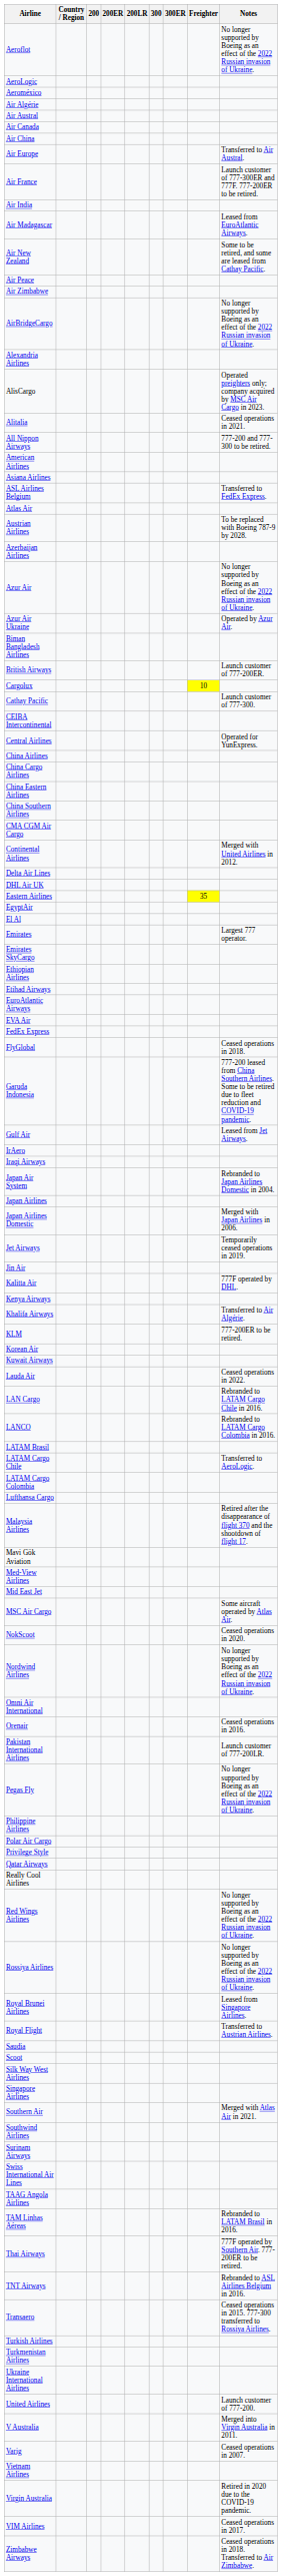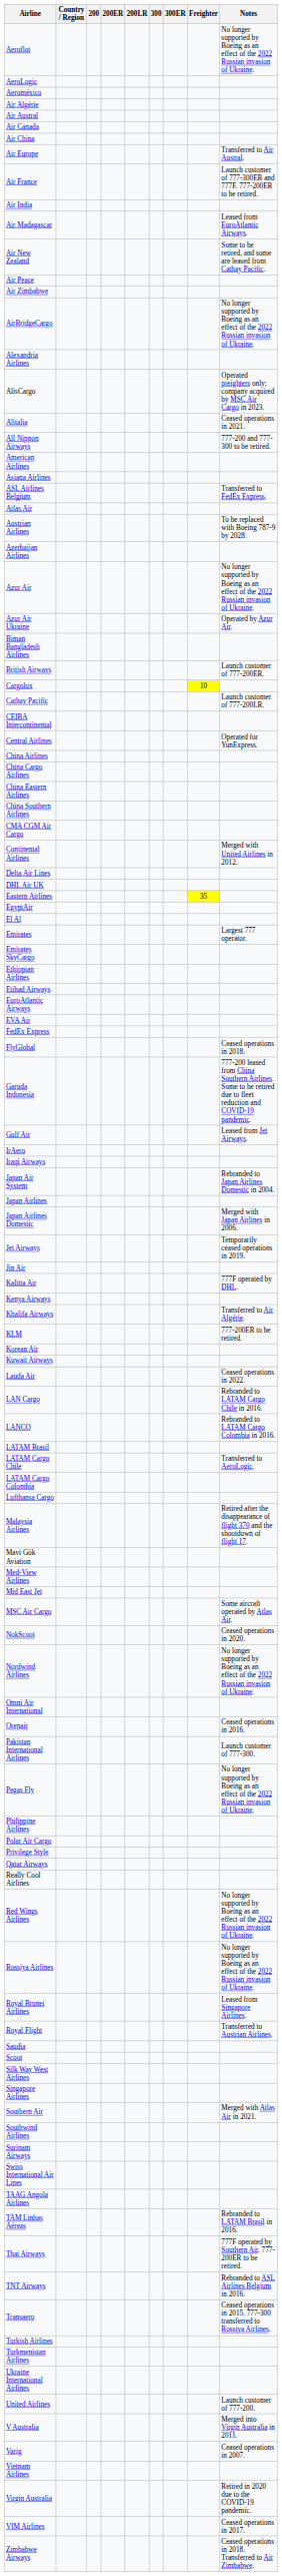 <table class="wikitable sortable sticky-header sort-under" style="background:#f8f9faff;">
 <tr>
 <th>Airline</th>
 <th>Country / Region</th>
 <th>200</th>
 <th>200ER</th>
 <th>200LR</th>
 <th>300</th>
 <th>300ER</th>
 <th>Freighter</th>
 <th>Notes</th>
 </tr>
 <tr>
 <td><a href='#'>Aeroflot</a></td>
 <td></td>
 <td></td>
 <td></td>
 <td></td>
 <td></td>
 <td></td>
 <td></td>
 <td>No longer supported by Boeing as an effect of the <a href='#'>2022 Russian invasion of Ukraine</a>.</td>
 </tr>
 <tr>
 <td><a href='#'>AeroLogic</a></td>
 <td></td>
 <td></td>
 <td></td>
 <td></td>
 <td></td>
 <td></td>
 <td></td>
 <td></td>
 </tr>
 <tr>
 <td><a href='#'>Aeroméxico</a></td>
 <td></td>
 <td></td>
 <td></td>
 <td></td>
 <td></td>
 <td></td>
 <td></td>
 <td></td>
 </tr>
 <tr>
 <td><a href='#'>Air Algérie</a></td>
 <td></td>
 <td></td>
 <td></td>
 <td></td>
 <td></td>
 <td></td>
 <td></td>
 <td></td>
 </tr>
 <tr>
 <td><a href='#'>Air Austral</a></td>
 <td></td>
 <td></td>
 <td></td>
 <td></td>
 <td></td>
 <td></td>
 <td></td>
 <td></td>
 </tr>
 <tr>
 <td><a href='#'>Air Canada</a></td>
 <td></td>
 <td></td>
 <td></td>
 <td></td>
 <td></td>
 <td></td>
 <td></td>
 <td></td>
 </tr>
 <tr>
 <td><a href='#'>Air China</a></td>
 <td></td>
 <td></td>
 <td></td>
 <td></td>
 <td></td>
 <td></td>
 <td></td>
 <td></td>
 </tr>
 <tr>
 <td><a href='#'>Air Europe</a></td>
 <td></td>
 <td></td>
 <td></td>
 <td></td>
 <td></td>
 <td></td>
 <td></td>
 <td>Transferred to <a href='#'>Air Austral</a>.</td>
 </tr>
 <tr>
 <td><a href='#'>Air France</a></td>
 <td></td>
 <td></td>
 <td></td>
 <td></td>
 <td></td>
 <td></td>
 <td></td>
 <td>Launch customer of 777-300ER and 777F. 777-200ER to be retired.</td>
 </tr>
 <tr>
 <td><a href='#'>Air India</a></td>
 <td></td>
 <td></td>
 <td></td>
 <td></td>
 <td></td>
 <td></td>
 <td></td>
 <td></td>
 </tr>
 <tr>
 <td><a href='#'>Air Madagascar</a></td>
 <td></td>
 <td></td>
 <td></td>
 <td></td>
 <td></td>
 <td></td>
 <td></td>
 <td>Leased from <a href='#'>EuroAtlantic Airways</a>.</td>
 </tr>
 <tr>
 <td><a href='#'>Air New Zealand</a></td>
 <td></td>
 <td></td>
 <td></td>
 <td></td>
 <td></td>
 <td></td>
 <td></td>
 <td>Some to be retired, and some are leased from <a href='#'>Cathay Pacific</a>.</td>
 </tr>
 <tr>
 <td><a href='#'>Air Peace</a></td>
 <td></td>
 <td></td>
 <td></td>
 <td></td>
 <td></td>
 <td></td>
 <td></td>
 <td></td>
 </tr>
 <tr>
 <td><a href='#'>Air Zimbabwe</a></td>
 <td></td>
 <td></td>
 <td></td>
 <td></td>
 <td></td>
 <td></td>
 <td></td>
 <td></td>
 </tr>
 <tr>
 <td><a href='#'>AirBridgeCargo</a></td>
 <td></td>
 <td></td>
 <td></td>
 <td></td>
 <td></td>
 <td></td>
 <td></td>
 <td>No longer supported by Boeing as an effect of the <a href='#'>2022 Russian invasion of Ukraine</a>.</td>
 </tr>
 <tr>
 <td><a href='#'>Alexandria Airlines</a></td>
 <td></td>
 <td></td>
 <td></td>
 <td></td>
 <td></td>
 <td></td>
 <td></td>
 <td></td>
 </tr>
 <tr>
 <td>AlisCargo</td>
 <td></td>
 <td></td>
 <td></td>
 <td></td>
 <td></td>
 <td></td>
 <td></td>
 <td>Operated <a href='#'>preighters</a> only; company acquired by <a href='#'>MSC Air Cargo</a> in 2023.</td>
 </tr>
 <tr>
 <td><a href='#'>Alitalia</a></td>
 <td></td>
 <td></td>
 <td></td>
 <td></td>
 <td></td>
 <td></td>
 <td></td>
 <td>Ceased operations in 2021.</td>
 </tr>
 <tr>
 <td><a href='#'>All Nippon Airways</a></td>
 <td></td>
 <td></td>
 <td></td>
 <td></td>
 <td></td>
 <td></td>
 <td></td>
 <td>777-200 and 777-300 to be retired.</td>
 </tr>
 <tr>
 <td><a href='#'>American Airlines</a></td>
 <td></td>
 <td></td>
 <td></td>
 <td></td>
 <td></td>
 <td></td>
 <td></td>
 <td></td>
 </tr>
 <tr>
 <td><a href='#'>Asiana Airlines</a></td>
 <td></td>
 <td></td>
 <td></td>
 <td></td>
 <td></td>
 <td></td>
 <td></td>
 <td></td>
 </tr>
 <tr>
 <td><a href='#'>ASL Airlines Belgium</a></td>
 <td></td>
 <td></td>
 <td></td>
 <td></td>
 <td></td>
 <td></td>
 <td></td>
 <td>Transferred to <a href='#'>FedEx Express</a>.</td>
 </tr>
 <tr>
 <td><a href='#'>Atlas Air</a></td>
 <td></td>
 <td></td>
 <td></td>
 <td></td>
 <td></td>
 <td></td>
 <td></td>
 <td></td>
 </tr>
 <tr>
 <td><a href='#'>Austrian Airlines</a></td>
 <td></td>
 <td></td>
 <td></td>
 <td></td>
 <td></td>
 <td></td>
 <td></td>
 <td>To be replaced with Boeing 787-9 by 2028.</td>
 </tr>
 <tr>
 <td><a href='#'>Azerbaijan Airlines</a></td>
 <td></td>
 <td></td>
 <td></td>
 <td></td>
 <td></td>
 <td></td>
 <td></td>
 <td></td>
 </tr>
 <tr>
 <td><a href='#'>Azur Air</a></td>
 <td></td>
 <td></td>
 <td></td>
 <td></td>
 <td></td>
 <td></td>
 <td></td>
 <td>No longer supported by Boeing as an effect of the <a href='#'>2022 Russian invasion of Ukraine</a>.</td>
 </tr>
 <tr>
 <td><a href='#'>Azur Air Ukraine</a></td>
 <td></td>
 <td></td>
 <td></td>
 <td></td>
 <td></td>
 <td></td>
 <td></td>
 <td>Operated by <a href='#'>Azur Air</a>.</td>
 </tr>
 <tr>
 <td><a href='#'>Biman Bangladesh Airlines</a></td>
 <td></td>
 <td></td>
 <td></td>
 <td></td>
 <td></td>
 <td></td>
 <td></td>
 <td></td>
 </tr>
 <tr>
 <td><a href='#'>British Airways</a></td>
 <td></td>
 <td></td>
 <td></td>
 <td></td>
 <td></td>
 <td></td>
 <td></td>
 <td>Launch customer of 777-200ER.</td>
 </tr>
 <tr>
 <td><a href='#'>Cargolux</a></td>
 <td></td>
 <td></td>
 <td></td>
 <td></td>
 <td></td>
 <td></td>
 <td style="background:yellow; text-align:center;">10</td>
 <td></td>
 </tr>
 <tr>
 <td><a href='#'>Cathay Pacific</a></td>
 <td></td>
 <td></td>
 <td></td>
 <td></td>
 <td></td>
 <td></td>
 <td></td>
-<td>Launch customer of 777-300.</td>
+<td>Launch customer of 777-200LR.</td>
 </tr>
 <tr>
 <td><a href='#'>CEIBA Intercontinental</a></td>
 <td></td>
 <td></td>
 <td></td>
 <td></td>
 <td></td>
 <td></td>
 <td></td>
 <td></td>
 </tr>
 <tr>
 <td><a href='#'>Central Airlines</a></td>
 <td></td>
 <td></td>
 <td></td>
 <td></td>
 <td></td>
 <td></td>
 <td></td>
 <td>Operated for YunExpress.</td>
 </tr>
 <tr>
 <td><a href='#'>China Airlines</a></td>
 <td></td>
 <td></td>
 <td></td>
 <td></td>
 <td></td>
 <td></td>
 <td></td>
 <td></td>
 </tr>
 <tr>
 <td><a href='#'>China Cargo Airlines</a></td>
 <td></td>
 <td></td>
 <td></td>
 <td></td>
 <td></td>
 <td></td>
 <td></td>
 <td></td>
 </tr>
 <tr>
 <td><a href='#'>China Eastern Airlines</a></td>
 <td></td>
 <td></td>
 <td></td>
 <td></td>
 <td></td>
 <td></td>
 <td></td>
 <td></td>
 </tr>
 <tr>
 <td><a href='#'>China Southern Airlines</a></td>
 <td></td>
 <td></td>
 <td></td>
 <td></td>
 <td></td>
 <td></td>
 <td></td>
 <td></td>
 </tr>
 <tr>
 <td><a href='#'>CMA CGM Air Cargo</a></td>
 <td></td>
 <td></td>
 <td></td>
 <td></td>
 <td></td>
 <td></td>
 <td></td>
 <td></td>
 </tr>
 <tr>
 <td><a href='#'>Continental Airlines</a></td>
 <td></td>
 <td></td>
 <td></td>
 <td></td>
 <td></td>
 <td></td>
 <td></td>
 <td>Merged with <a href='#'>United Airlines</a> in 2012.</td>
 </tr>
 <tr>
 <td><a href='#'>Delta Air Lines</a></td>
 <td></td>
 <td></td>
 <td></td>
 <td></td>
 <td></td>
 <td></td>
 <td></td>
 <td></td>
 </tr>
 <tr>
 <td><a href='#'>DHL Air UK</a></td>
 <td></td>
 <td></td>
 <td></td>
 <td></td>
 <td></td>
 <td></td>
 <td></td>
 <td></td>
 </tr>
 <tr>
 <td><a href='#'>Eastern Airlines</a></td>
 <td></td>
 <td></td>
 <td></td>
 <td></td>
 <td></td>
 <td></td>
 <td style="background:yellow; text-align:center;">35</td>
 <td></td>
 </tr>
 <tr>
 <td><a href='#'>EgyptAir</a></td>
 <td></td>
 <td></td>
 <td></td>
 <td></td>
 <td></td>
 <td></td>
 <td></td>
 <td></td>
 </tr>
 <tr>
 <td><a href='#'>El Al</a></td>
 <td></td>
 <td></td>
 <td></td>
 <td></td>
 <td></td>
 <td></td>
 <td></td>
 <td></td>
 </tr>
 <tr>
 <td><a href='#'>Emirates</a></td>
 <td></td>
 <td></td>
 <td></td>
 <td></td>
 <td></td>
 <td></td>
 <td></td>
 <td>Largest 777 operator.</td>
 </tr>
 <tr>
 <td><a href='#'>Emirates SkyCargo</a></td>
 <td></td>
 <td></td>
 <td></td>
 <td></td>
 <td></td>
 <td></td>
 <td></td>
 <td></td>
 </tr>
 <tr>
 <td><a href='#'>Ethiopian Airlines</a></td>
 <td></td>
 <td></td>
 <td></td>
 <td></td>
 <td></td>
 <td></td>
 <td></td>
 <td></td>
 </tr>
 <tr>
 <td><a href='#'>Etihad Airways</a></td>
 <td></td>
 <td></td>
 <td></td>
 <td></td>
 <td></td>
 <td></td>
 <td></td>
 <td></td>
 </tr>
 <tr>
 <td><a href='#'>EuroAtlantic Airways</a></td>
 <td></td>
 <td></td>
 <td></td>
 <td></td>
 <td></td>
 <td></td>
 <td></td>
 <td></td>
 </tr>
 <tr>
 <td><a href='#'>EVA Air</a></td>
 <td></td>
 <td></td>
 <td></td>
 <td></td>
 <td></td>
 <td></td>
 <td></td>
 <td></td>
 </tr>
 <tr>
 <td><a href='#'>FedEx Express</a></td>
 <td></td>
 <td></td>
 <td></td>
 <td></td>
 <td></td>
 <td></td>
 <td></td>
 <td></td>
 </tr>
 <tr>
 <td><a href='#'>FlyGlobal</a></td>
 <td></td>
 <td></td>
 <td></td>
 <td></td>
 <td></td>
 <td></td>
 <td></td>
 <td>Ceased operations in 2018.</td>
 </tr>
 <tr>
 <td><a href='#'>Garuda Indonesia</a></td>
 <td></td>
 <td></td>
 <td></td>
 <td></td>
 <td></td>
 <td></td>
 <td></td>
 <td>777-200 leased from <a href='#'>China Southern Airlines</a>. Some to be retired due to fleet reduction and <a href='#'>COVID-19 pandemic</a>.</td>
 </tr>
 <tr>
 <td><a href='#'>Gulf Air</a></td>
 <td></td>
 <td></td>
 <td></td>
 <td></td>
 <td></td>
 <td></td>
 <td></td>
 <td>Leased from <a href='#'>Jet Airways</a>.</td>
 </tr>
 <tr>
 <td><a href='#'>IrAero</a></td>
 <td></td>
 <td></td>
 <td></td>
 <td></td>
 <td></td>
 <td></td>
 <td></td>
 <td></td>
 </tr>
 <tr>
 <td><a href='#'>Iraqi Airways</a></td>
 <td></td>
 <td></td>
 <td></td>
 <td></td>
 <td></td>
 <td></td>
 <td></td>
 <td></td>
 </tr>
 <tr>
 <td><a href='#'>Japan Air System</a></td>
 <td></td>
 <td></td>
 <td></td>
 <td></td>
 <td></td>
 <td></td>
 <td></td>
 <td>Rebranded to <a href='#'>Japan Airlines Domestic</a> in 2004.</td>
 </tr>
 <tr>
 <td><a href='#'>Japan Airlines</a></td>
 <td></td>
 <td></td>
 <td></td>
 <td></td>
 <td></td>
 <td></td>
 <td></td>
 <td></td>
 </tr>
 <tr>
 <td><a href='#'>Japan Airlines Domestic</a></td>
 <td></td>
 <td></td>
 <td></td>
 <td></td>
 <td></td>
 <td></td>
 <td></td>
 <td>Merged with <a href='#'>Japan Airlines</a> in 2006.</td>
 </tr>
 <tr>
 <td><a href='#'>Jet Airways</a></td>
 <td></td>
 <td></td>
 <td></td>
 <td></td>
 <td></td>
 <td></td>
 <td></td>
 <td>Temporarily ceased operations in 2019.</td>
 </tr>
 <tr>
 <td><a href='#'>Jin Air</a></td>
 <td></td>
 <td></td>
 <td></td>
 <td></td>
 <td></td>
 <td></td>
 <td></td>
 <td></td>
 </tr>
 <tr>
 <td><a href='#'>Kalitta Air</a></td>
 <td></td>
 <td></td>
 <td></td>
 <td></td>
 <td></td>
 <td></td>
 <td></td>
 <td>777F operated by <a href='#'>DHL</a>.</td>
 </tr>
 <tr>
 <td><a href='#'>Kenya Airways</a></td>
 <td></td>
 <td></td>
 <td></td>
 <td></td>
 <td></td>
 <td></td>
 <td></td>
 <td></td>
 </tr>
 <tr>
 <td><a href='#'>Khalifa Airways</a></td>
 <td></td>
 <td></td>
 <td></td>
 <td></td>
 <td></td>
 <td></td>
 <td></td>
 <td>Transferred to <a href='#'>Air Algérie</a>.</td>
 </tr>
 <tr>
 <td><a href='#'>KLM</a></td>
 <td></td>
 <td></td>
 <td></td>
 <td></td>
 <td></td>
 <td></td>
 <td></td>
 <td>777-200ER to be retired.</td>
 </tr>
 <tr>
 <td><a href='#'>Korean Air</a></td>
 <td></td>
 <td></td>
 <td></td>
 <td></td>
 <td></td>
 <td></td>
 <td></td>
 <td></td>
 </tr>
 <tr>
 <td><a href='#'>Kuwait Airways</a></td>
 <td></td>
 <td></td>
 <td></td>
 <td></td>
 <td></td>
 <td></td>
 <td></td>
 <td></td>
 </tr>
 <tr>
 <td><a href='#'>Lauda Air</a></td>
 <td></td>
 <td></td>
 <td></td>
 <td></td>
 <td></td>
 <td></td>
 <td></td>
 <td>Ceased operations in 2022.</td>
 </tr>
 <tr>
 <td><a href='#'>LAN Cargo</a></td>
 <td></td>
 <td></td>
 <td></td>
 <td></td>
 <td></td>
 <td></td>
 <td></td>
 <td>Rebranded to <a href='#'>LATAM Cargo Chile</a> in 2016.</td>
 </tr>
 <tr>
 <td><a href='#'>LANCO</a></td>
 <td></td>
 <td></td>
 <td></td>
 <td></td>
 <td></td>
 <td></td>
 <td></td>
 <td>Rebranded to <a href='#'>LATAM Cargo Colombia</a> in 2016.</td>
 </tr>
 <tr>
 <td><a href='#'>LATAM Brasil</a></td>
 <td></td>
 <td></td>
 <td></td>
 <td></td>
 <td></td>
 <td></td>
 <td></td>
 <td></td>
 </tr>
 <tr>
 <td><a href='#'>LATAM Cargo Chile</a></td>
 <td></td>
 <td></td>
 <td></td>
 <td></td>
 <td></td>
 <td></td>
 <td></td>
 <td>Transferred to <a href='#'>AeroLogic</a>.</td>
 </tr>
 <tr>
 <td><a href='#'>LATAM Cargo Colombia</a></td>
 <td></td>
 <td></td>
 <td></td>
 <td></td>
 <td></td>
 <td></td>
 <td></td>
 <td></td>
 </tr>
 <tr>
 <td><a href='#'>Lufthansa Cargo</a></td>
 <td></td>
 <td></td>
 <td></td>
 <td></td>
 <td></td>
 <td></td>
 <td></td>
 <td></td>
 </tr>
 <tr>
 <td><a href='#'>Malaysia Airlines</a></td>
 <td></td>
 <td></td>
 <td></td>
 <td></td>
 <td></td>
 <td></td>
 <td></td>
 <td>Retired after the disappearance of <a href='#'>flight 370</a> and the shootdown of <a href='#'>flight 17</a>.</td>
 </tr>
 <tr>
 <td>Mavi Gök Aviation</td>
 <td></td>
 <td></td>
 <td></td>
 <td></td>
 <td></td>
 <td></td>
 <td></td>
 <td></td>
 </tr>
 <tr>
 <td><a href='#'>Med-View Airlines</a></td>
 <td></td>
 <td></td>
 <td></td>
 <td></td>
 <td></td>
 <td></td>
 <td></td>
 <td></td>
 </tr>
 <tr>
 <td><a href='#'>Mid East Jet</a></td>
 <td></td>
 <td></td>
 <td></td>
 <td></td>
 <td></td>
 <td></td>
 <td></td>
 <td></td>
 </tr>
 <tr>
 <td><a href='#'>MSC Air Cargo</a></td>
 <td></td>
 <td></td>
 <td></td>
 <td></td>
 <td></td>
 <td></td>
 <td></td>
 <td>Some aircraft operated by <a href='#'>Atlas Air</a>.</td>
 </tr>
 <tr>
 <td><a href='#'>NokScoot</a></td>
 <td></td>
 <td></td>
 <td></td>
 <td></td>
 <td></td>
 <td></td>
 <td></td>
 <td>Ceased operations in 2020.</td>
 </tr>
 <tr>
 <td><a href='#'>Nordwind Airlines</a></td>
 <td></td>
 <td></td>
 <td></td>
 <td></td>
 <td></td>
 <td></td>
 <td></td>
 <td>No longer supported by Boeing as an effect of the <a href='#'>2022 Russian invasion of Ukraine</a>.</td>
 </tr>
 <tr>
 <td><a href='#'>Omni Air International</a></td>
 <td></td>
 <td></td>
 <td></td>
 <td></td>
 <td></td>
 <td></td>
 <td></td>
 <td></td>
 </tr>
 <tr>
 <td><a href='#'>Orenair</a></td>
 <td></td>
 <td></td>
 <td></td>
 <td></td>
 <td></td>
 <td></td>
 <td></td>
 <td>Ceased operations in 2016.</td>
 </tr>
 <tr>
 <td><a href='#'>Pakistan International Airlines</a></td>
 <td></td>
 <td></td>
 <td></td>
 <td></td>
 <td></td>
 <td></td>
 <td></td>
-<td>Launch customer of 777-200LR.</td>
+<td>Launch customer of 777-300.</td>
 </tr>
 <tr>
 <td><a href='#'>Pegas Fly</a></td>
 <td></td>
 <td></td>
 <td></td>
 <td></td>
 <td></td>
 <td></td>
 <td></td>
 <td>No longer supported by Boeing as an effect of the <a href='#'>2022 Russian invasion of Ukraine</a>.</td>
 </tr>
 <tr>
 <td><a href='#'>Philippine Airlines</a></td>
 <td></td>
 <td></td>
 <td></td>
 <td></td>
 <td></td>
 <td></td>
 <td></td>
 <td></td>
 </tr>
 <tr>
 <td><a href='#'>Polar Air Cargo</a></td>
 <td></td>
 <td></td>
 <td></td>
 <td></td>
 <td></td>
 <td></td>
 <td></td>
 <td></td>
 </tr>
 <tr>
 <td><a href='#'>Privilege Style</a></td>
 <td></td>
 <td></td>
 <td></td>
 <td></td>
 <td></td>
 <td></td>
 <td></td>
 <td></td>
 </tr>
 <tr>
 <td><a href='#'>Qatar Airways</a></td>
 <td></td>
 <td></td>
 <td></td>
 <td></td>
 <td></td>
 <td></td>
 <td></td>
 <td></td>
 </tr>
 <tr>
 <td>Really Cool Airlines</td>
 <td></td>
 <td></td>
 <td style></td>
 <td></td>
 <td></td>
 <td></td>
 <td></td>
 <td></td>
 </tr>
 <tr>
 <td><a href='#'>Red Wings Airlines</a></td>
 <td></td>
 <td></td>
 <td></td>
 <td></td>
 <td></td>
 <td></td>
 <td></td>
 <td>No longer supported by Boeing as an effect of the <a href='#'>2022 Russian invasion of Ukraine</a>.</td>
 </tr>
 <tr>
 <td><a href='#'>Rossiya Airlines</a></td>
 <td></td>
 <td></td>
 <td></td>
 <td></td>
 <td></td>
 <td></td>
 <td></td>
 <td>No longer supported by Boeing as an effect of the <a href='#'>2022 Russian invasion of Ukraine</a>.</td>
 </tr>
 <tr>
 <td><a href='#'>Royal Brunei Airlines</a></td>
 <td></td>
 <td></td>
 <td></td>
 <td></td>
 <td></td>
 <td></td>
 <td></td>
 <td>Leased from <a href='#'>Singapore Airlines</a>.</td>
 </tr>
 <tr>
 <td><a href='#'>Royal Flight</a></td>
 <td></td>
 <td></td>
 <td></td>
 <td></td>
 <td></td>
 <td></td>
 <td></td>
 <td>Transferred to <a href='#'>Austrian Airlines</a>.</td>
 </tr>
 <tr>
 <td><a href='#'>Saudia</a></td>
 <td></td>
 <td></td>
 <td></td>
 <td></td>
 <td></td>
 <td></td>
 <td></td>
 <td></td>
 </tr>
 <tr>
 <td><a href='#'>Scoot</a></td>
 <td></td>
 <td></td>
 <td></td>
 <td></td>
 <td></td>
 <td></td>
 <td></td>
 <td></td>
 </tr>
 <tr>
 <td><a href='#'>Silk Way West Airlines</a></td>
 <td></td>
 <td></td>
 <td></td>
 <td></td>
 <td></td>
 <td></td>
 <td></td>
 <td></td>
 </tr>
 <tr>
 <td><a href='#'>Singapore Airlines</a></td>
 <td></td>
 <td></td>
 <td></td>
 <td></td>
 <td></td>
 <td></td>
 <td></td>
 <td></td>
 </tr>
 <tr>
 <td><a href='#'>Southern Air</a></td>
 <td></td>
 <td></td>
 <td></td>
 <td></td>
 <td></td>
 <td></td>
 <td></td>
 <td>Merged with <a href='#'>Atlas Air</a> in 2021.</td>
 </tr>
 <tr>
 <td><a href='#'>Southwind Airlines</a></td>
 <td></td>
 <td></td>
 <td></td>
 <td></td>
 <td></td>
 <td></td>
 <td></td>
 <td></td>
 </tr>
 <tr>
 <td><a href='#'>Surinam Airways</a></td>
 <td></td>
 <td></td>
 <td></td>
 <td></td>
 <td></td>
 <td></td>
 <td></td>
 <td></td>
 </tr>
 <tr>
 <td><a href='#'>Swiss International Air Lines</a></td>
 <td></td>
 <td></td>
 <td></td>
 <td></td>
 <td></td>
 <td></td>
 <td></td>
 <td></td>
 </tr>
 <tr>
 <td><a href='#'>TAAG Angola Airlines</a></td>
 <td></td>
 <td></td>
 <td></td>
 <td></td>
 <td></td>
 <td></td>
 <td></td>
 <td></td>
 </tr>
 <tr>
 <td><a href='#'>TAM Linhas Aéreas</a></td>
 <td></td>
 <td></td>
 <td></td>
 <td></td>
 <td></td>
 <td></td>
 <td></td>
 <td>Rebranded to <a href='#'>LATAM Brasil</a> in 2016.</td>
 </tr>
 <tr>
 <td><a href='#'>Thai Airways</a></td>
 <td></td>
 <td></td>
 <td></td>
 <td></td>
 <td></td>
 <td></td>
 <td></td>
 <td>777F operated by <a href='#'>Southern Air</a>. 777-200ER to be retired.</td>
 </tr>
 <tr>
 <td><a href='#'>TNT Airways</a></td>
 <td></td>
 <td></td>
 <td></td>
 <td></td>
 <td></td>
 <td></td>
 <td></td>
 <td>Rebranded to <a href='#'>ASL Airlines Belgium</a> in 2016.</td>
 </tr>
 <tr>
 <td><a href='#'>Transaero</a></td>
 <td></td>
 <td></td>
 <td></td>
 <td></td>
 <td></td>
 <td></td>
 <td></td>
 <td>Ceased operations in 2015. 777-300 transferred to <a href='#'>Rossiya Airlines</a>.</td>
 </tr>
 <tr>
 <td><a href='#'>Turkish Airlines</a></td>
 <td></td>
 <td></td>
 <td></td>
 <td></td>
 <td></td>
 <td></td>
 <td></td>
 <td></td>
 </tr>
 <tr>
 <td><a href='#'>Turkmenistan Airlines</a></td>
 <td></td>
 <td></td>
 <td></td>
 <td></td>
 <td></td>
 <td></td>
 <td></td>
 <td></td>
 </tr>
 <tr>
 <td><a href='#'>Ukraine International Airlines</a></td>
 <td></td>
 <td></td>
 <td></td>
 <td></td>
 <td></td>
 <td></td>
 <td></td>
 <td></td>
 </tr>
 <tr>
 <td><a href='#'>United Airlines</a></td>
 <td></td>
 <td></td>
 <td></td>
 <td></td>
 <td></td>
 <td></td>
 <td></td>
 <td>Launch customer of 777-200.</td>
 </tr>
 <tr>
 <td><a href='#'>V Australia</a></td>
 <td></td>
 <td></td>
 <td></td>
 <td></td>
 <td></td>
 <td></td>
 <td></td>
 <td>Merged into <a href='#'>Virgin Australia</a> in 2011.</td>
 </tr>
 <tr>
 <td><a href='#'>Varig</a></td>
 <td></td>
 <td></td>
 <td></td>
 <td></td>
 <td></td>
 <td></td>
 <td></td>
 <td>Ceased operations in 2007.</td>
 </tr>
 <tr>
 <td><a href='#'>Vietnam Airlines</a></td>
 <td></td>
 <td></td>
 <td></td>
 <td></td>
 <td></td>
 <td></td>
 <td></td>
 <td></td>
 </tr>
 <tr>
 <td><a href='#'>Virgin Australia</a></td>
 <td></td>
 <td></td>
 <td></td>
 <td></td>
 <td></td>
 <td></td>
 <td></td>
 <td>Retired in 2020 due to the COVID-19 pandemic.</td>
 </tr>
 <tr>
 <td><a href='#'>VIM Airlines</a></td>
 <td></td>
 <td></td>
 <td></td>
 <td></td>
 <td></td>
 <td></td>
 <td></td>
 <td>Ceased operations in 2017.</td>
 </tr>
 <tr>
 <td><a href='#'>Zimbabwe Airways</a></td>
 <td></td>
 <td></td>
 <td></td>
 <td></td>
 <td></td>
 <td></td>
 <td></td>
 <td>Ceased operations in 2018. Transferred to <a href='#'>Air Zimbabwe</a>.</td>
 </tr>
 </table>
